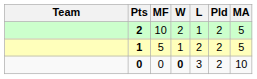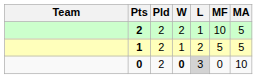 <table class=wikitable style="text-align:center">
 <tr>
 <th width=175>Team</th>
 <th width=20>Pts</th>
-<th width=20>MF</th>
+<th width=20>Pld</th>
 <th width=20>W</th>
 <th width=20>L</th>
-<th width=20>Pld</th>
+<th width=20>MF</th>
 <th width=20>MA</th>
 </tr>
 <tr bgcolor=#ccffcc>
 <td style="text-align:left"></td>
 <td><strong>2</strong></td>
-<td>10</td>
+<td>2</td>
 <td>2</td>
 <td>1</td>
-<td>2</td>
+<td>10</td>
 <td>5</td>
 </tr>
 <tr bgcolor=#ffffbb>
 <td style="text-align:left"></td>
 <td><strong>1</strong></td>
-<td>5</td>
+<td>2</td>
 <td>1</td>
 <td>2</td>
-<td>2</td>
+<td>5</td>
 <td>5</td>
 </tr>
 <tr>
 <td style="text-align:left"></td>
 <td><strong>0</strong></td>
+<td>2</td>
+<td><strong>0</strong></td>
+<td style="background: lightgrey;">3</td>
 <td>0</td>
-<td><strong>0</strong></td>
-<td>3</td>
-<td>2</td>
 <td>10</td>
 </tr>
 </table>
